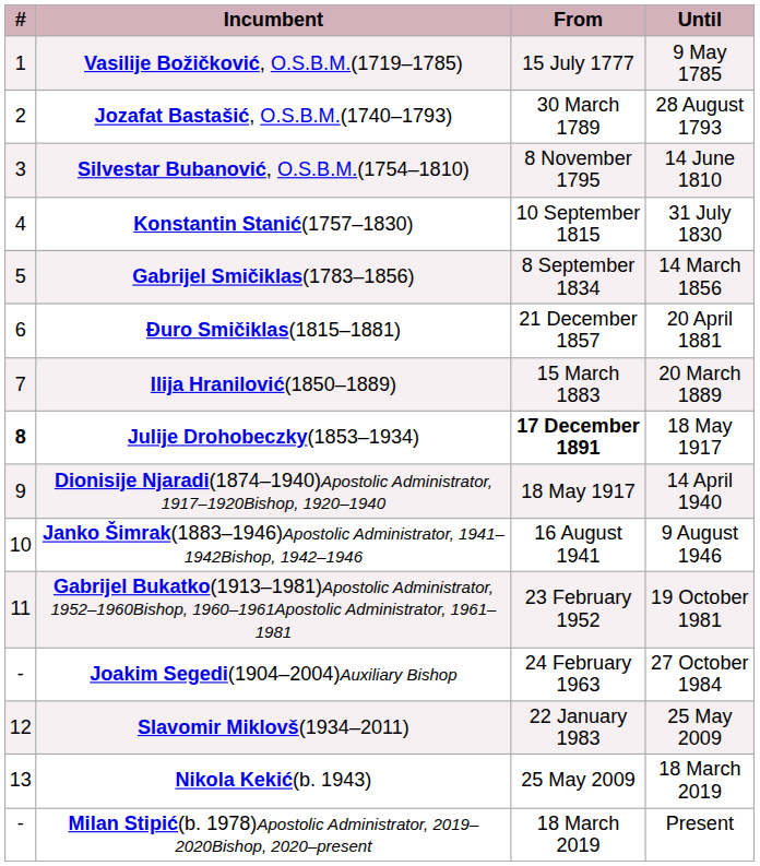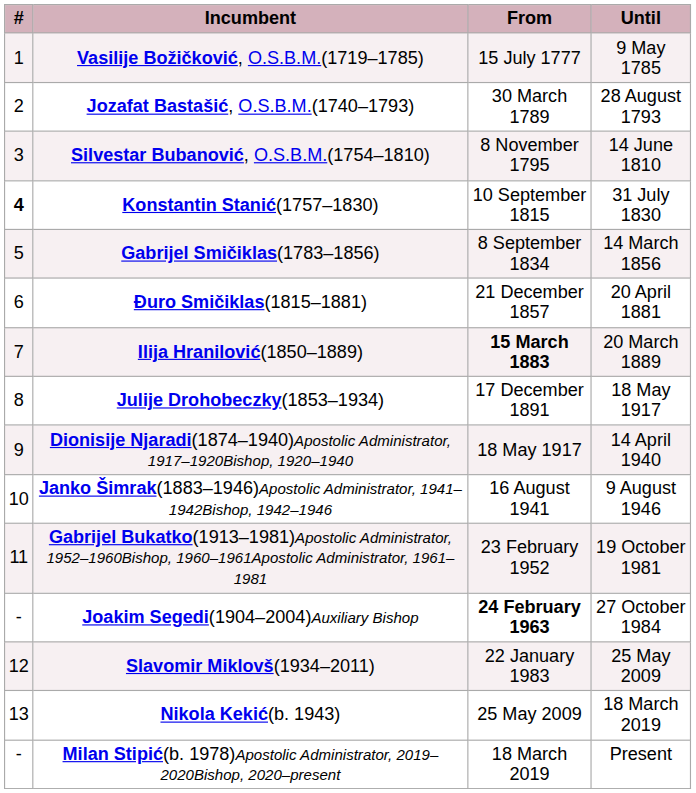 <table class="wikitable" style="text-align:center">
 <tr ->
 <th style="background-color: #D4B1BB;">#</th>
 <th style="background-color: #D4B1BB;">Incumbent</th>
 <th style="background-color: #D4B1BB;">From</th>
 <th style="background-color: #D4B1BB;">Until</th>
 </tr>
 <tr style="background-color: #F7F0F2;">
 <td>1</td>
 <td><strong><a href='#'>Vasilije Božičković</a></strong>, <a href='#'>O.S.B.M.</a>(1719–1785)</td>
 <td style="text-align: center;">15 July 1777</td>
 <td style="text-align: center;">9 May 1785</td>
 </tr>
 <tr style="background-color: white;">
 <td>2</td>
 <td><strong><a href='#'>Jozafat Bastašić</a></strong>, <a href='#'>O.S.B.M.</a>(1740–1793)</td>
 <td style="text-align: center;">30 March 1789</td>
 <td style="text-align: center;">28 August 1793</td>
 </tr>
 <tr style="background-color: #F7F0F2;">
 <td>3</td>
 <td><strong><a href='#'>Silvestar Bubanović</a></strong>, <a href='#'>O.S.B.M.</a>(1754–1810)</td>
 <td style="text-align: center;">8 November 1795</td>
 <td style="text-align: center;">14 June 1810</td>
 </tr>
 <tr style="background-color: white;">
-<td>4</td>
+<td><strong>4</strong></td>
 <td><strong><a href='#'>Konstantin Stanić</a></strong>(1757–1830)</td>
 <td style="text-align: center;">10 September 1815</td>
 <td style="text-align: center;">31 July 1830</td>
 </tr>
 <tr style="background-color: #F7F0F2;">
 <td>5</td>
 <td><strong><a href='#'>Gabrijel Smičiklas</a></strong>(1783–1856)</td>
 <td style="text-align: center;">8 September 1834</td>
 <td style="text-align: center;">14 March 1856</td>
 </tr>
 <tr style="background-color: white;">
 <td>6</td>
 <td><strong><a href='#'>Đuro Smičiklas</a></strong>(1815–1881)</td>
 <td style="text-align: center;">21 December 1857</td>
 <td style="text-align: center;">20 April 1881</td>
 </tr>
 <tr style="background-color: #F7F0F2;">
 <td>7</td>
 <td><strong><a href='#'>Ilija Hranilović</a></strong>(1850–1889)</td>
-<td style="text-align: center;">15 March 1883</td>
+<td style="text-align: center;"><strong>15 March 1883</strong></td>
 <td style="text-align: center;">20 March 1889</td>
 </tr>
 <tr style="background-color: white;">
-<td><strong>8</strong></td>
+<td>8</td>
 <td><strong><a href='#'>Julije Drohobeczky</a></strong>(1853–1934)</td>
-<td style="text-align: center;"><strong>17 December 1891</strong></td>
+<td style="text-align: center;">17 December 1891</td>
 <td style="text-align: center;">18 May 1917</td>
 </tr>
 <tr style="background-color: #F7F0F2;">
 <td>9</td>
 <td><strong><a href='#'>Dionisije Njaradi</a></strong>(1874–1940)<small><em>Apostolic Administrator, 1917–1920</em><em>Bishop, 1920–1940</em></small></td>
 <td style="text-align: center;">18 May 1917</td>
 <td style="text-align: center;">14 April 1940</td>
 </tr>
 <tr style="background-color: white;">
 <td>10</td>
 <td><strong><a href='#'>Janko Šimrak</a></strong>(1883–1946)<small><em>Apostolic Administrator, 1941–1942</em><em>Bishop, 1942–1946</em></small></td>
 <td style="text-align: center;">16 August 1941</td>
 <td style="text-align: center;">9 August 1946</td>
 </tr>
 <tr style="background-color: #F7F0F2;">
 <td>11</td>
 <td><strong><a href='#'>Gabrijel Bukatko</a></strong>(1913–1981)<small><em>Apostolic Administrator, 1952–1960</em><em>Bishop, 1960–1961</em><em>Apostolic Administrator, 1961–1981</em></small></td>
 <td style="text-align: center;">23 February 1952</td>
 <td style="text-align: center;">19 October 1981</td>
 </tr>
 <tr style="background-color: white;">
 <td>-</td>
 <td><strong><a href='#'>Joakim Segedi</a></strong>(1904–2004)<small><em>Auxiliary Bishop</em></small></td>
-<td style="text-align: center;">24 February 1963</td>
+<td style="text-align: center;"><strong>24 February 1963</strong></td>
 <td style="text-align: center;">27 October 1984</td>
 </tr>
 <tr style="background-color: #F7F0F2;">
 <td>12</td>
 <td><strong><a href='#'>Slavomir Miklovš</a></strong>(1934–2011)</td>
 <td style="text-align: center;">22 January 1983</td>
 <td style="text-align: center;">25 May 2009</td>
 </tr>
 <tr style="background-color: white;">
 <td>13</td>
 <td><strong><a href='#'>Nikola Kekić</a></strong>(b. 1943)</td>
 <td style="text-align: center;">25 May 2009</td>
 <td style="text-align: center;">18 March 2019</td>
 </tr>
 <tr valign="top" style="background-color: white;">
 <td>-</td>
 <td><strong><a href='#'>Milan Stipić</a></strong>(b. 1978)<small><em>Apostolic Administrator, 2019–2020</em><em>Bishop, 2020–present</em></small></td>
 <td style="text-align: center;">18 March 2019</td>
 <td style="text-align: center;">Present</td>
 </tr>
 <tr style="background-color: #F7F0F2;">
 </tr>
 </table>
